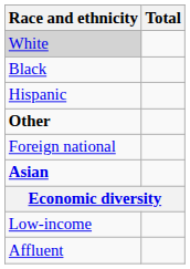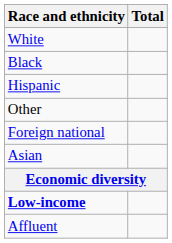 <table class="wikitable floatright sortable collapsible"; text-align:right; font-size:80%;">
 <tr>
 <th>Race and ethnicity</th>
 <th colspan="2" data-sort-type=number>Total</th>
 </tr>
 <tr>
-<td style="background: lightgrey;"><a href='#'>White</a></td>
+<td><a href='#'>White</a></td>
 <td align=right></td>
 </tr>
 <tr>
 <td><a href='#'>Black</a></td>
 <td align=right></td>
 </tr>
 <tr>
 <td><a href='#'>Hispanic</a></td>
 <td align=right></td>
 </tr>
 <tr>
-<td><strong>Other</strong></td>
+<td>Other</td>
 <td align=right></td>
 </tr>
 <tr>
 <td><a href='#'>Foreign national</a></td>
 <td align=right></td>
 </tr>
 <tr>
-<td><strong><a href='#'>Asian</a></strong></td>
+<td><a href='#'>Asian</a></td>
 <td align=right></td>
 </tr>
 <tr>
 <th colspan="4" data-sort-type=number><a href='#'>Economic diversity</a></th>
 </tr>
 <tr>
-<td><a href='#'>Low-income</a></td>
+<td><strong><a href='#'>Low-income</a></strong></td>
 <td align=right></td>
 </tr>
 <tr>
 <td><a href='#'>Affluent</a></td>
 <td align=right></td>
 </tr>
 </table>
